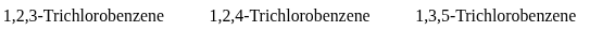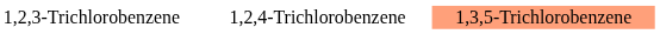 <table align="center" class="skin-invert-image">
 <tr>
 <td style="text-align:center;"></td>
 <td style="text-align:center;"></td>
 <td style="text-align:center;"></td>
 </tr>
 <tr>
 <td style="padding-left:20px;padding-right:20px;text-align:center;">1,2,3-Trichlorobenzene</td>
 <td style="padding-left:20px;padding-right:20px;text-align:center;">1,2,4-Trichlorobenzene</td>
-<td style="padding-left:20px;padding-right:20px;text-align:center;">1,3,5-Trichlorobenzene</td>
+<td style="background: lightsalmon; padding-left:20px;padding-right:20px;text-align:center;">1,3,5-Trichlorobenzene</td>
 </tr>
 </table>
